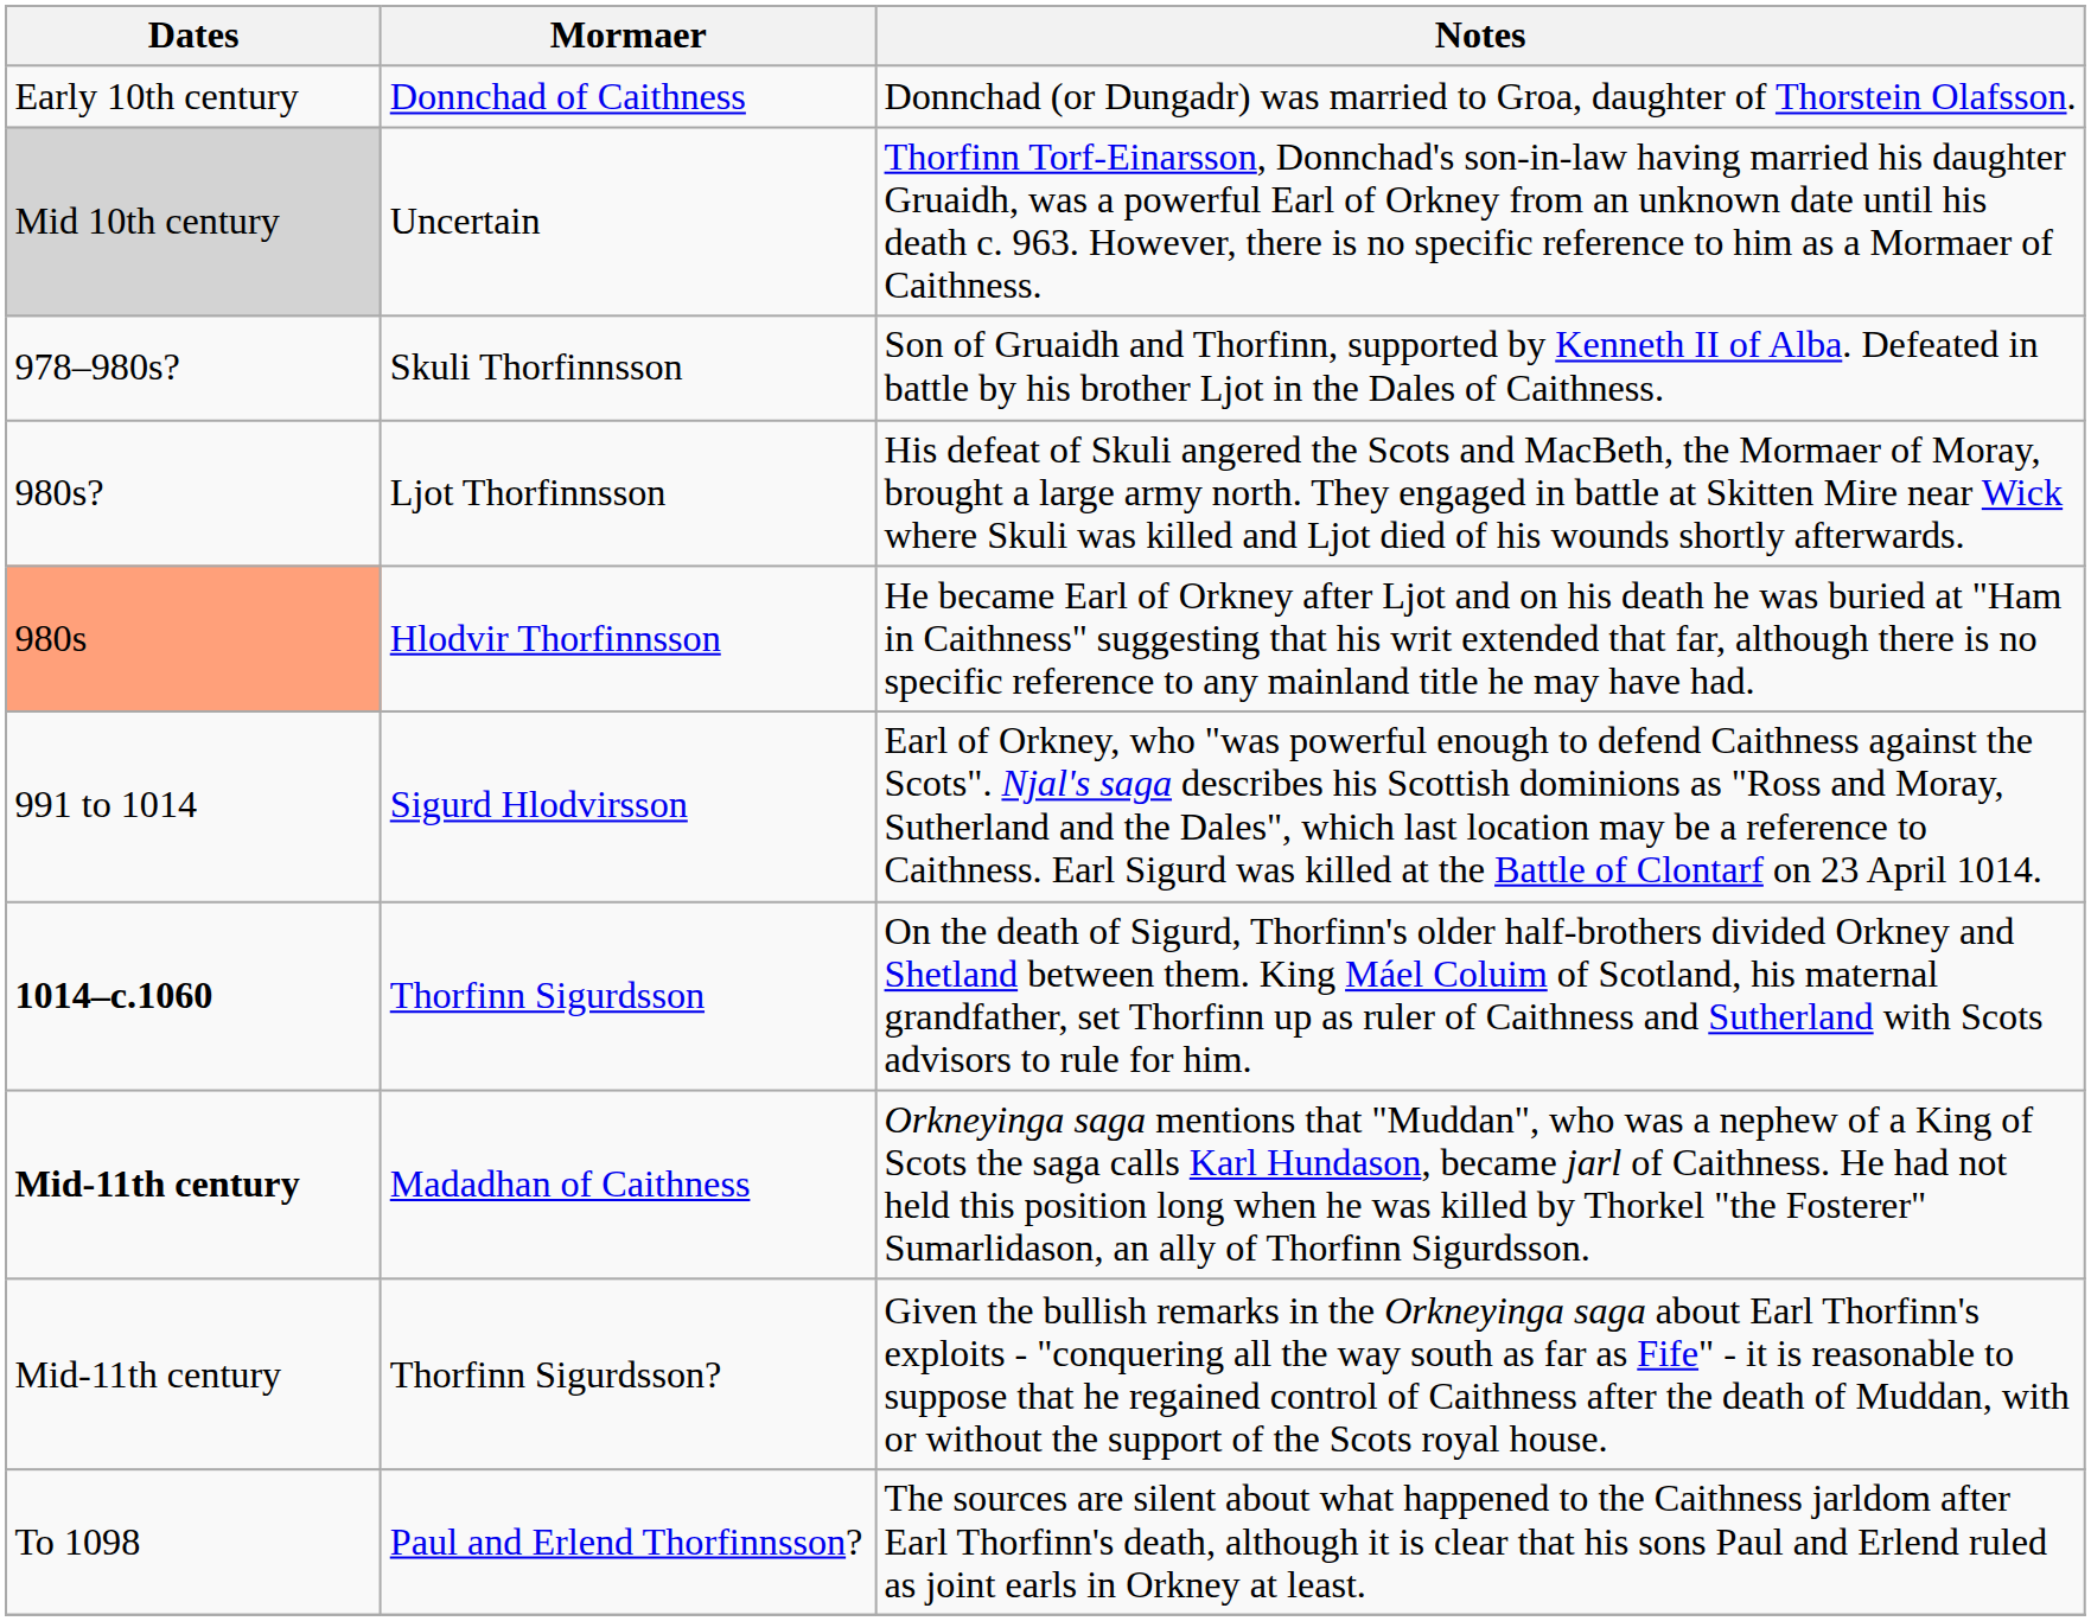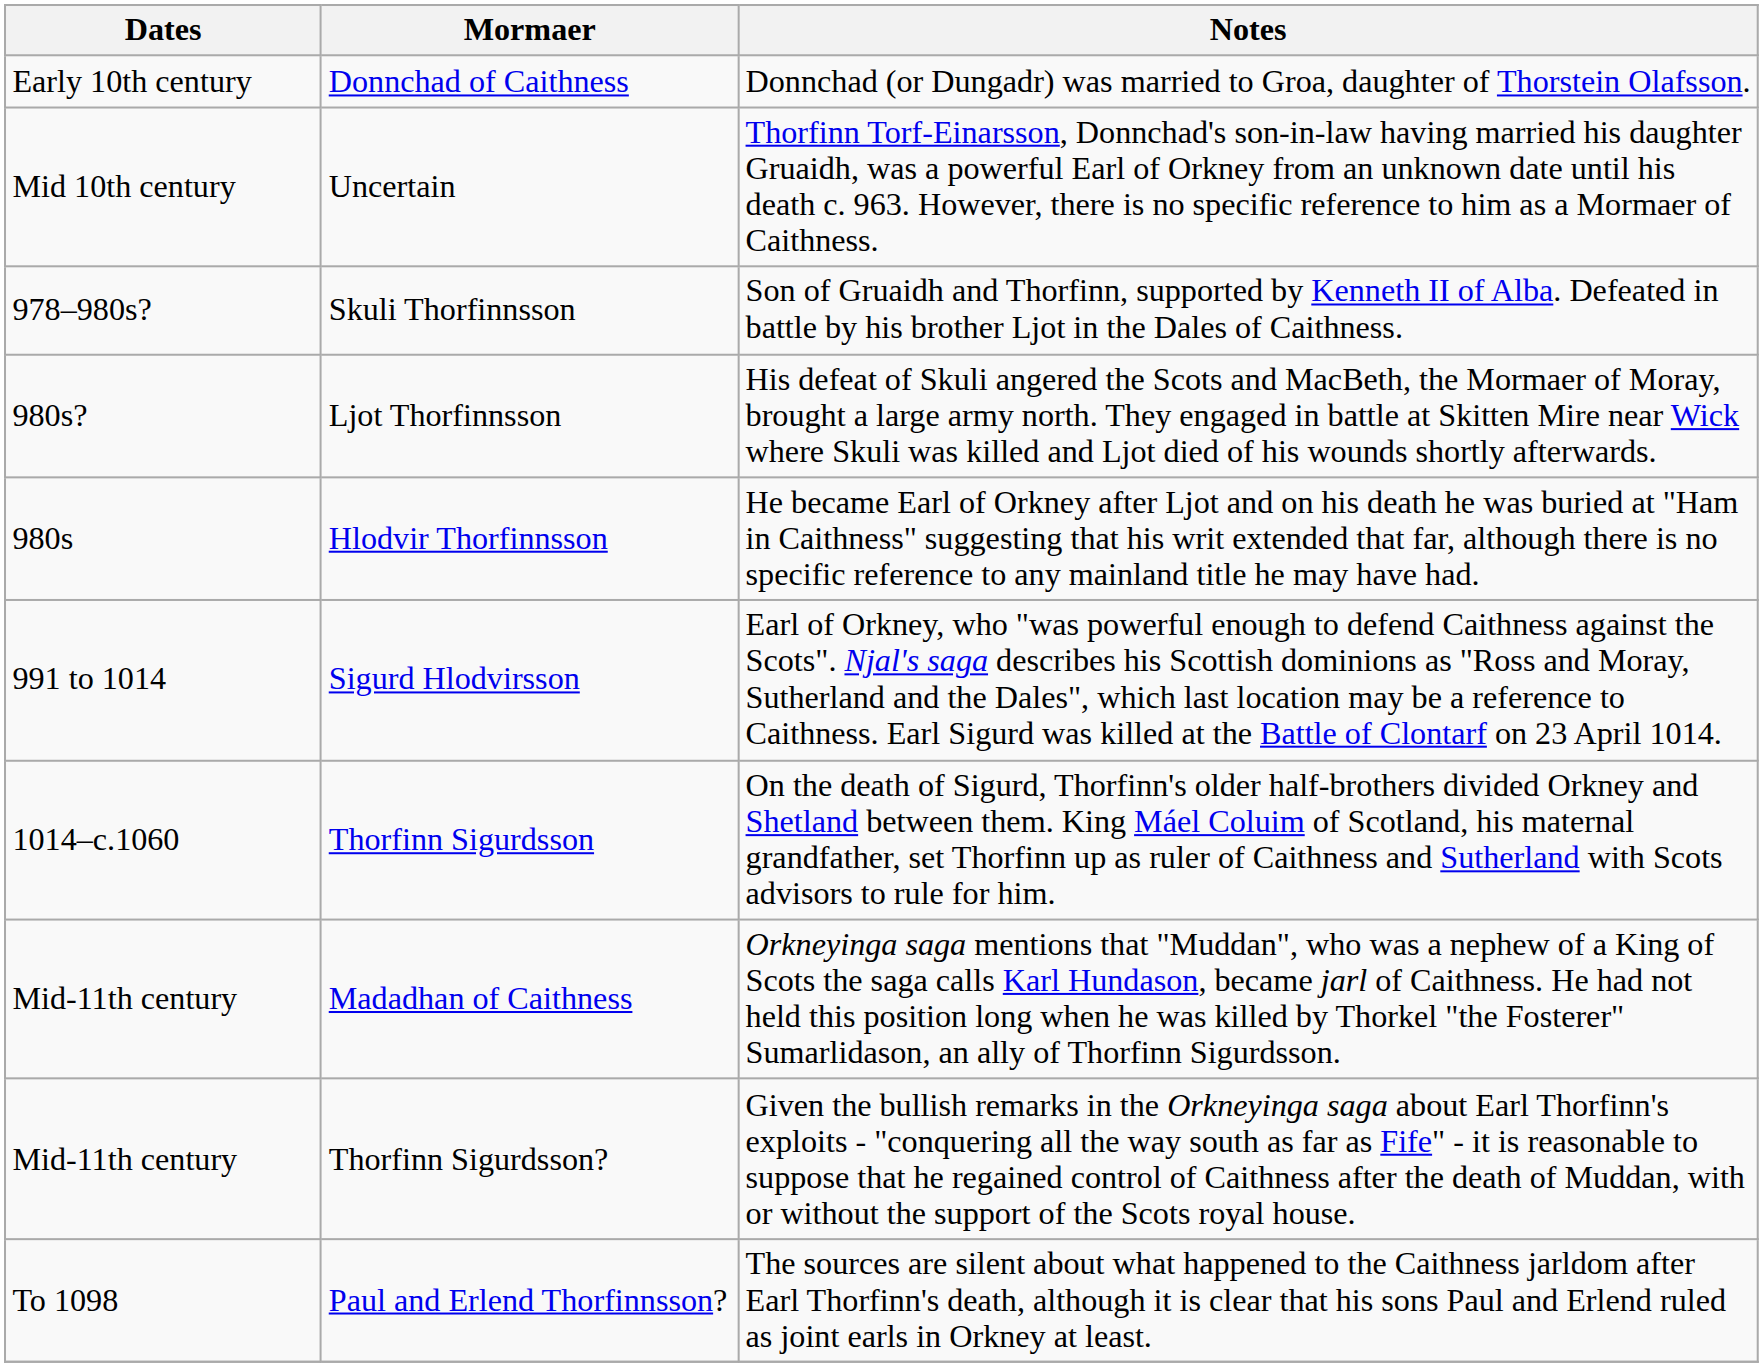 <table class="wikitable">
 <tr>
 <th scope="col" width="150">Dates</th>
 <th scope="col" width="200">Mormaer</th>
 <th scope="col" width="500">Notes</th>
 </tr>
 <tr>
 <td>Early 10th century</td>
 <td><a href='#'>Donnchad of Caithness</a></td>
 <td>Donnchad (or Dungadr) was married to Groa, daughter of <a href='#'>Thorstein Olafsson</a>.</td>
 </tr>
 <tr>
-<td style="background: lightgrey;">Mid 10th century</td>
+<td>Mid 10th century</td>
 <td>Uncertain</td>
 <td><a href='#'>Thorfinn Torf-Einarsson</a>, Donnchad's son-in-law having married his daughter Gruaidh, was a powerful Earl of Orkney from an unknown date until his death c. 963. However, there is no specific reference to him as a Mormaer of Caithness.</td>
 </tr>
 <tr>
 <td>978–980s?</td>
 <td>Skuli Thorfinnsson</td>
 <td>Son of Gruaidh and Thorfinn, supported by <a href='#'>Kenneth II of Alba</a>. Defeated in battle by his brother Ljot in the Dales of Caithness.</td>
 </tr>
 <tr>
 <td>980s?</td>
 <td>Ljot Thorfinnsson</td>
 <td>His defeat of Skuli angered the Scots and MacBeth, the Mormaer of Moray, brought a large army north. They engaged in battle at Skitten Mire near <a href='#'>Wick</a> where Skuli was killed  and Ljot died of his wounds shortly afterwards.</td>
 </tr>
 <tr>
-<td style="background: lightsalmon;">980s</td>
+<td>980s</td>
 <td><a href='#'>Hlodvir Thorfinnsson</a></td>
 <td>He became Earl of Orkney after Ljot and on his death he was buried at "Ham in Caithness" suggesting that his writ extended that far, although there is no specific reference to any mainland title he may have had.</td>
 </tr>
 <tr>
 <td>991 to 1014</td>
 <td><a href='#'>Sigurd Hlodvirsson</a></td>
 <td>Earl of Orkney, who "was powerful enough to defend Caithness against the Scots". <em><a href='#'>Njal's saga</a></em> describes his Scottish dominions as "Ross and Moray, Sutherland and the Dales", which last location may be a reference to Caithness. Earl Sigurd was killed at the <a href='#'>Battle of Clontarf</a> on 23 April 1014.</td>
 </tr>
 <tr>
-<td><strong>1014–c.1060</strong></td>
+<td>1014–c.1060</td>
 <td><a href='#'>Thorfinn Sigurdsson</a></td>
 <td>On the death of Sigurd, Thorfinn's older half-brothers divided Orkney and <a href='#'>Shetland</a> between them. King <a href='#'>Máel Coluim</a> of Scotland, his maternal grandfather, set Thorfinn up as ruler of Caithness and <a href='#'>Sutherland</a> with Scots advisors to rule for him.</td>
 </tr>
 <tr>
-<td><strong>Mid-11th century</strong></td>
+<td>Mid-11th century</td>
 <td><a href='#'>Madadhan of Caithness</a></td>
 <td><em>Orkneyinga saga</em> mentions that "Muddan", who was a nephew of a King of Scots the saga calls <a href='#'>Karl Hundason</a>, became <em>jarl</em> of Caithness. He had not held this position long when he was killed by Thorkel "the Fosterer" Sumarlidason, an ally of Thorfinn Sigurdsson.</td>
 </tr>
 <tr>
 <td>Mid-11th century</td>
 <td>Thorfinn Sigurdsson?</td>
 <td>Given the bullish remarks in the <em>Orkneyinga saga</em> about Earl Thorfinn's exploits  - "conquering all the way south as far as <a href='#'>Fife</a>" -  it is reasonable to suppose that he regained control of Caithness after the death of Muddan, with or without the support of the Scots royal house.</td>
 </tr>
 <tr>
 <td>To 1098</td>
 <td><a href='#'>Paul and Erlend Thorfinnsson</a>?</td>
 <td>The sources are silent about what happened to the Caithness jarldom after Earl Thorfinn's death, although it is clear that his sons  Paul and Erlend ruled as joint earls in Orkney at least.</td>
 </tr>
 <tr>
 </tr>
 </table>
